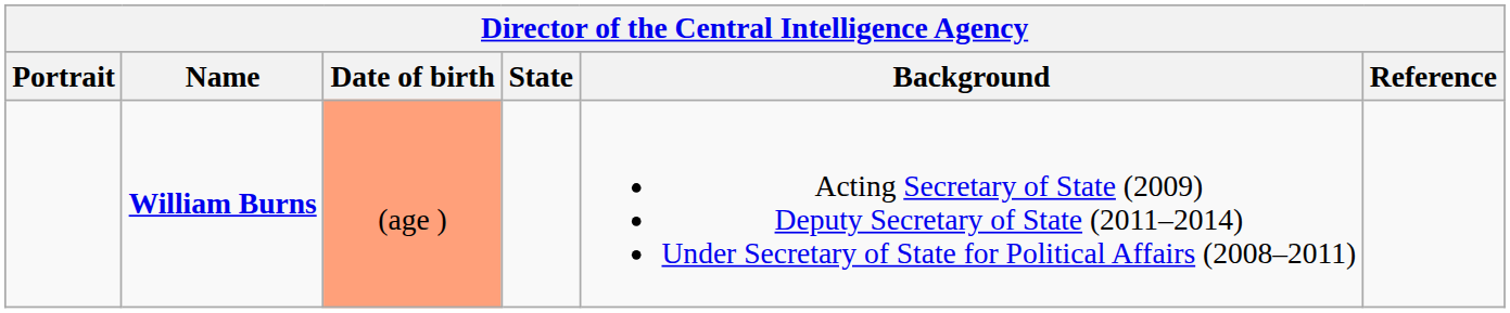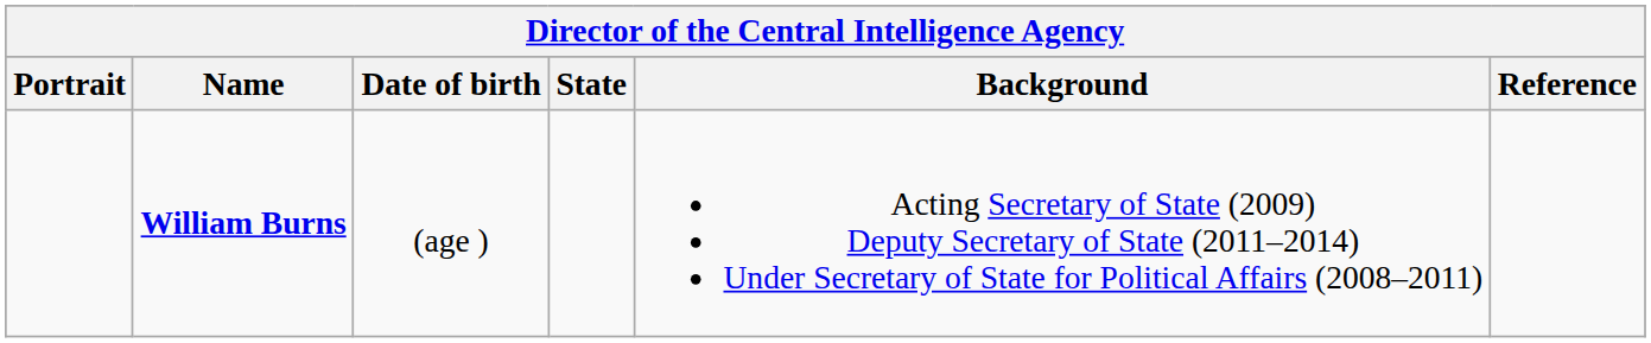 <table class="wikitable collapsible" style="text-align:center;">
 <tr>
 <th colspan="6"><a href='#'>Director of the Central Intelligence Agency</a></th>
 </tr>
 <tr>
 <th>Portrait</th>
 <th>Name</th>
 <th>Date of birth</th>
 <th>State</th>
 <th>Background</th>
 <th>Reference</th>
 </tr>
 <tr>
 <td></td>
 <td><strong><a href='#'>William Burns</a></strong></td>
-<td style="background: lightsalmon;"><br>(age )</td>
+<td><br>(age )</td>
 <td></td>
 <td><br><ul><li>Acting <a href='#'>Secretary of State</a> (2009)</li><li><a href='#'>Deputy Secretary of State</a> (2011–2014)</li><li><a href='#'>Under Secretary of State for Political Affairs</a> (2008–2011)</li></ul></td>
 <td></td>
 </tr>
 </table>
